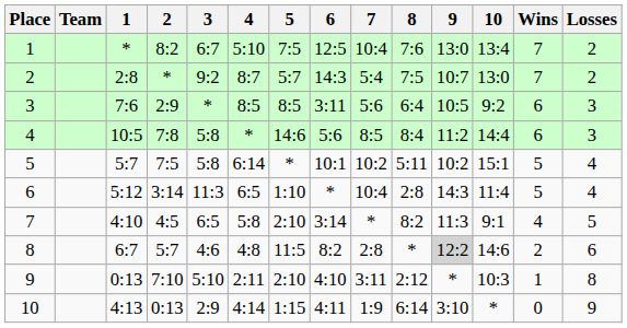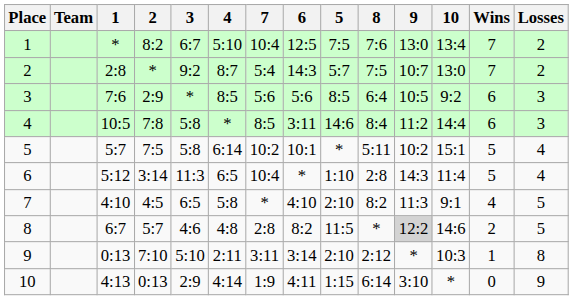 <table class="wikitable" style="text-align:center;">
 <tr>
 <th>Place</th>
 <th>Team</th>
 <th width="25">1</th>
 <th width="25">2</th>
 <th width="25">3</th>
 <th width="25">4</th>
+<th width="25">7</th>
+<th width="25">6</th>
 <th width="25">5</th>
-<th width="25">6</th>
-<th width="25">7</th>
 <th width="25">8</th>
 <th width="25">9</th>
 <th width="25">10</th>
 <th>Wins</th>
 <th>Losses</th>
 </tr>
 <tr bgcolor=#cfc>
 <td>1</td>
 <td align=left></td>
 <td>*</td>
 <td>8:2</td>
 <td>6:7</td>
 <td>5:10</td>
+<td>10:4</td>
+<td>12:5</td>
 <td>7:5</td>
-<td>12:5</td>
-<td>10:4</td>
 <td>7:6</td>
 <td>13:0</td>
 <td>13:4</td>
 <td>7</td>
 <td>2</td>
 </tr>
 <tr bgcolor=#cfc>
 <td>2</td>
 <td align=left></td>
 <td>2:8</td>
 <td>*</td>
 <td>9:2</td>
 <td>8:7</td>
+<td>5:4</td>
+<td>14:3</td>
 <td>5:7</td>
-<td>14:3</td>
-<td>5:4</td>
 <td>7:5</td>
 <td>10:7</td>
 <td>13:0</td>
 <td>7</td>
 <td>2</td>
 </tr>
 <tr bgcolor=#cfc>
 <td>3</td>
 <td align=left></td>
 <td>7:6</td>
 <td>2:9</td>
 <td>*</td>
 <td>8:5</td>
+<td>5:6</td>
+<td>5:6</td>
 <td>8:5</td>
-<td>3:11</td>
-<td>5:6</td>
 <td>6:4</td>
 <td>10:5</td>
 <td>9:2</td>
 <td>6</td>
 <td>3</td>
 </tr>
 <tr bgcolor=#cfc>
 <td>4</td>
 <td align=left></td>
 <td>10:5</td>
 <td>7:8</td>
 <td>5:8</td>
 <td>*</td>
+<td>8:5</td>
+<td>3:11</td>
 <td>14:6</td>
-<td>5:6</td>
-<td>8:5</td>
 <td>8:4</td>
 <td>11:2</td>
 <td>14:4</td>
 <td>6</td>
 <td>3</td>
 </tr>
 <tr>
 <td>5</td>
 <td align=left></td>
 <td>5:7</td>
 <td>7:5</td>
 <td>5:8</td>
 <td>6:14</td>
+<td>10:2</td>
+<td>10:1</td>
 <td>*</td>
-<td>10:1</td>
-<td>10:2</td>
 <td>5:11</td>
 <td>10:2</td>
 <td>15:1</td>
 <td>5</td>
 <td>4</td>
 </tr>
 <tr>
 <td>6</td>
 <td align=left></td>
 <td>5:12</td>
 <td>3:14</td>
 <td>11:3</td>
 <td>6:5</td>
+<td>10:4</td>
+<td>*</td>
 <td>1:10</td>
-<td>*</td>
-<td>10:4</td>
 <td>2:8</td>
 <td>14:3</td>
 <td>11:4</td>
 <td>5</td>
 <td>4</td>
 </tr>
 <tr>
 <td>7</td>
 <td align=left></td>
 <td>4:10</td>
 <td>4:5</td>
 <td>6:5</td>
 <td>5:8</td>
+<td>*</td>
+<td>4:10</td>
 <td>2:10</td>
-<td>3:14</td>
-<td>*</td>
 <td>8:2</td>
 <td>11:3</td>
 <td>9:1</td>
 <td>4</td>
 <td>5</td>
 </tr>
 <tr>
 <td>8</td>
 <td align=left></td>
 <td>6:7</td>
 <td>5:7</td>
 <td>4:6</td>
 <td>4:8</td>
+<td>2:8</td>
+<td>8:2</td>
 <td>11:5</td>
-<td>8:2</td>
-<td>2:8</td>
 <td>*</td>
 <td style="background: lightgrey;">12:2</td>
 <td>14:6</td>
 <td>2</td>
-<td>6</td>
+<td>5</td>
 </tr>
 <tr>
 <td>9</td>
 <td align=left></td>
 <td>0:13</td>
 <td>7:10</td>
 <td>5:10</td>
 <td>2:11</td>
+<td>3:11</td>
+<td>3:14</td>
 <td>2:10</td>
-<td>4:10</td>
-<td>3:11</td>
 <td>2:12</td>
 <td>*</td>
 <td>10:3</td>
 <td>1</td>
 <td>8</td>
 </tr>
 <tr>
 <td>10</td>
 <td align=left></td>
 <td>4:13</td>
 <td>0:13</td>
 <td>2:9</td>
 <td>4:14</td>
+<td>1:9</td>
+<td>4:11</td>
 <td>1:15</td>
-<td>4:11</td>
-<td>1:9</td>
 <td>6:14</td>
 <td>3:10</td>
 <td>*</td>
 <td>0</td>
 <td>9</td>
 </tr>
 </table>
